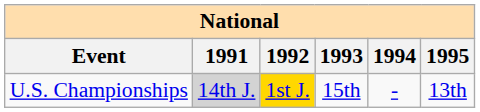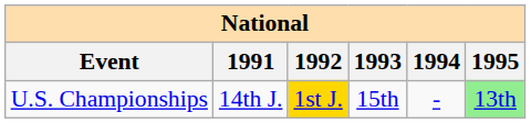 <table class="wikitable" style="text-align:center">
 <tr>
 <th style="background-color: #ffdead; " colspan=10 align=center><strong>National</strong></th>
 </tr>
 <tr>
 <th>Event</th>
 <th>1991</th>
 <th>1992</th>
 <th>1993</th>
 <th>1994</th>
 <th>1995</th>
 </tr>
 <tr>
 <td align=left><a href='#'>U.S. Championships</a></td>
-<td style="background: lightgrey;"><a href='#'>14th J.</a></td>
+<td><a href='#'>14th J.</a></td>
 <td bgcolor=gold><a href='#'>1st J.</a></td>
 <td><a href='#'>15th</a></td>
 <td><a href='#'>-</a></td>
-<td><a href='#'>13th</a></td>
+<td style="background: lightgreen;"><a href='#'>13th</a></td>
 </tr>
 </table>
